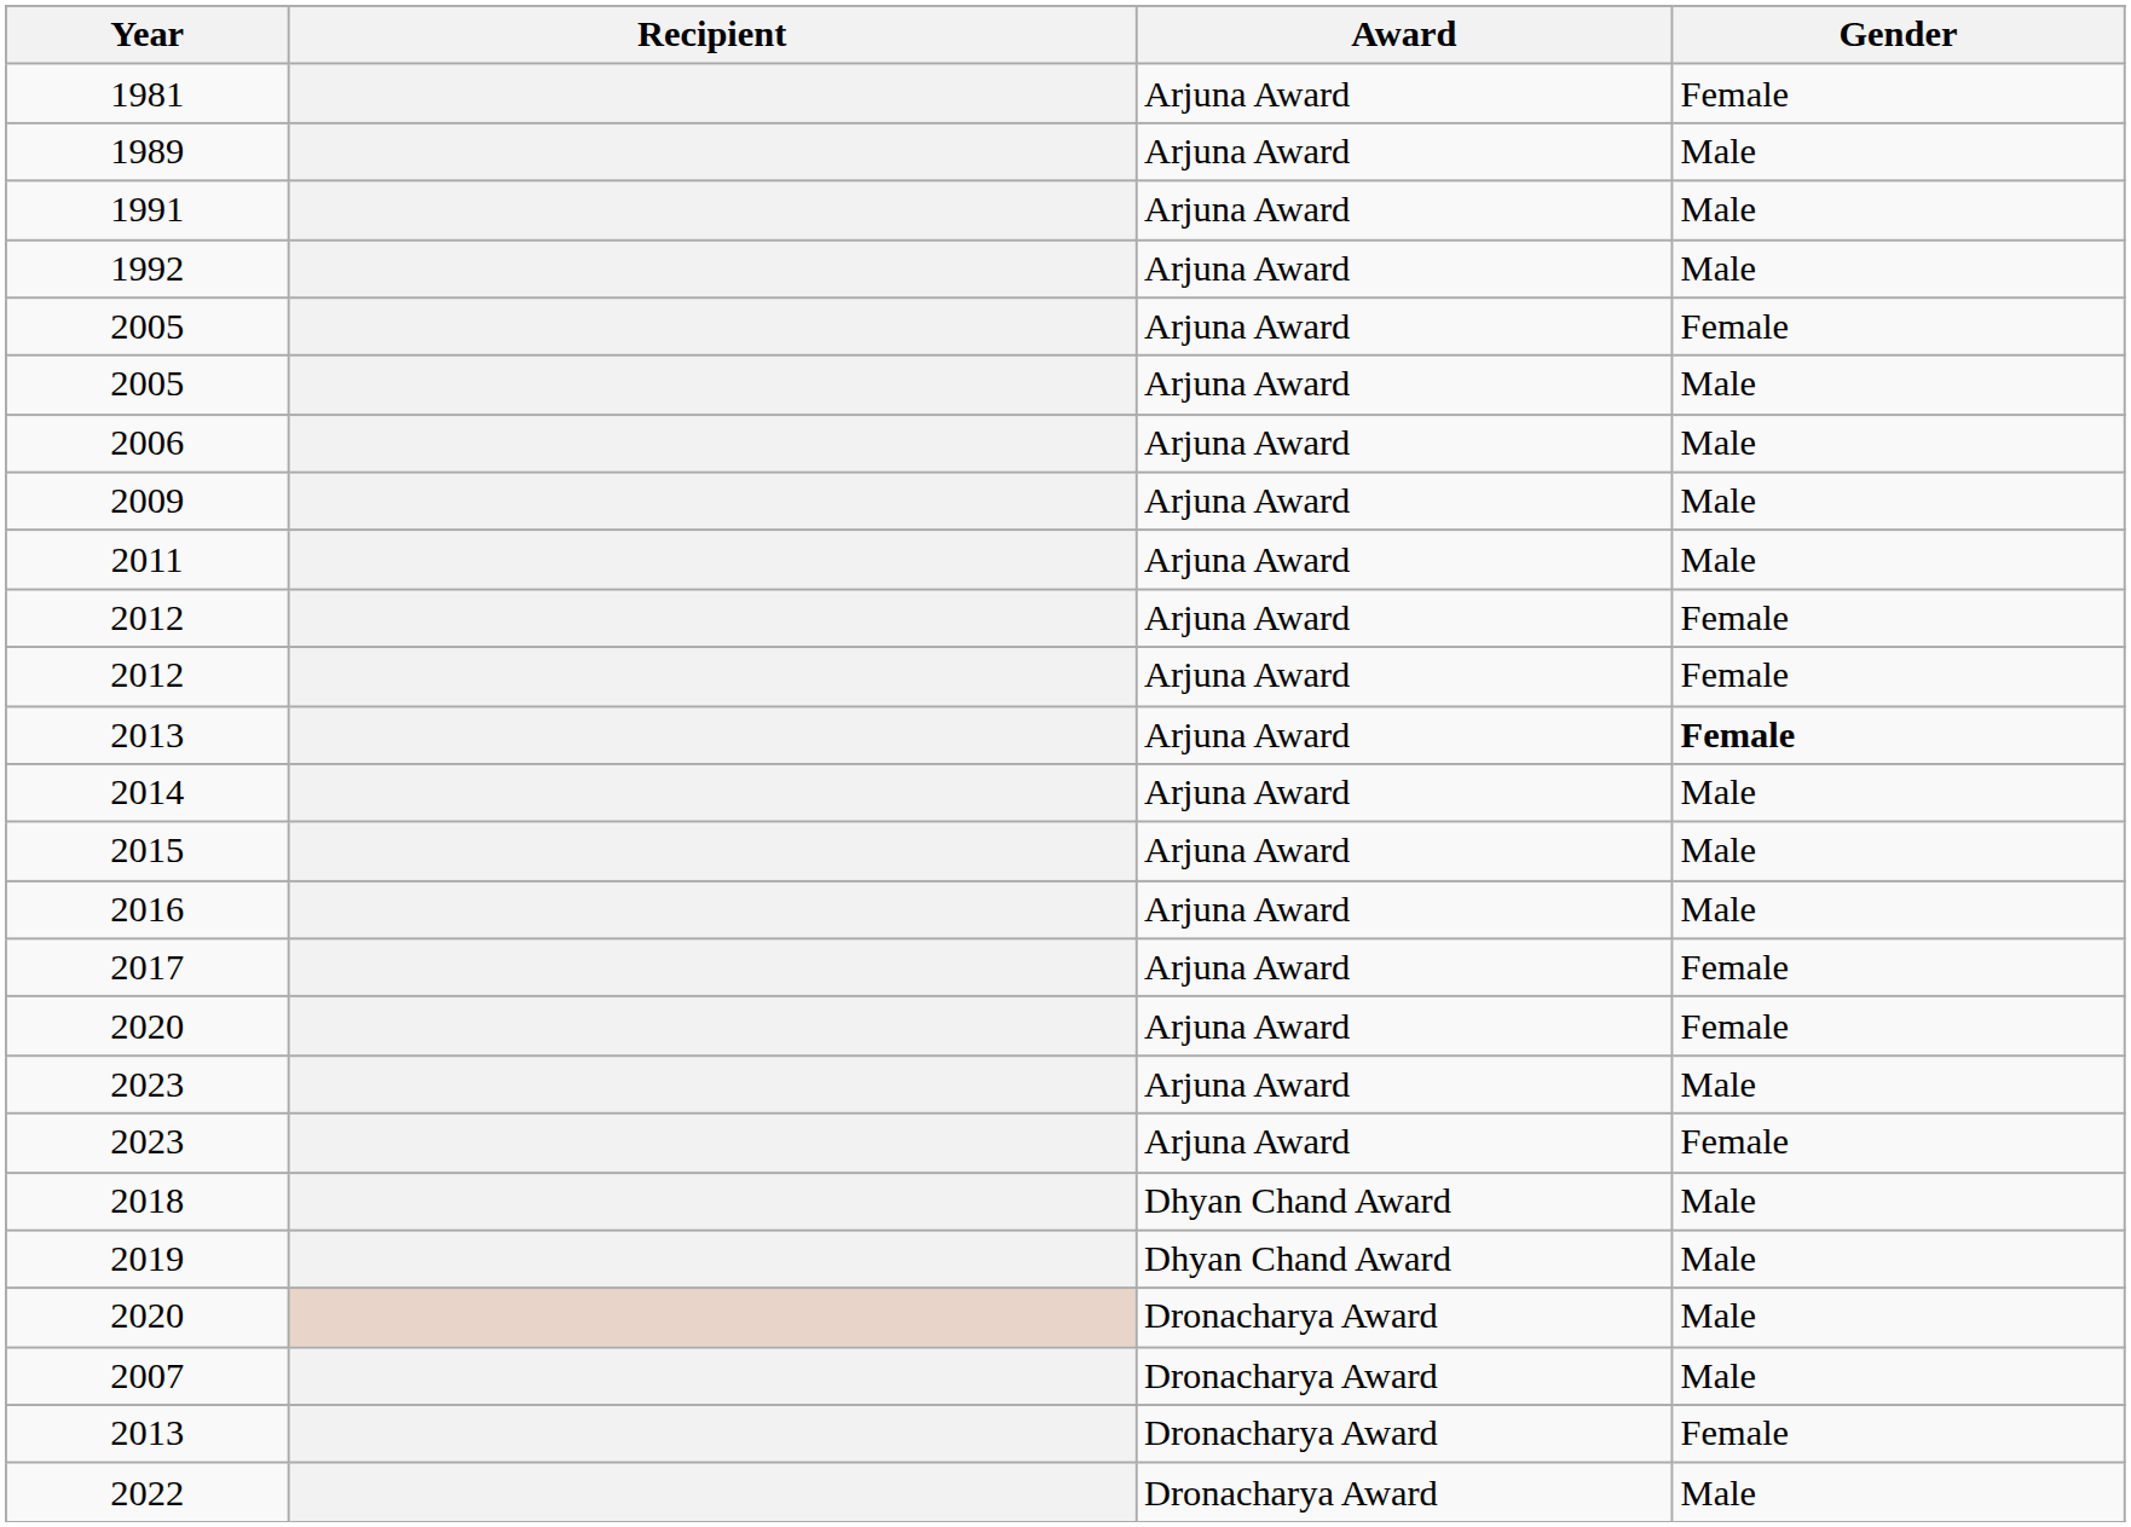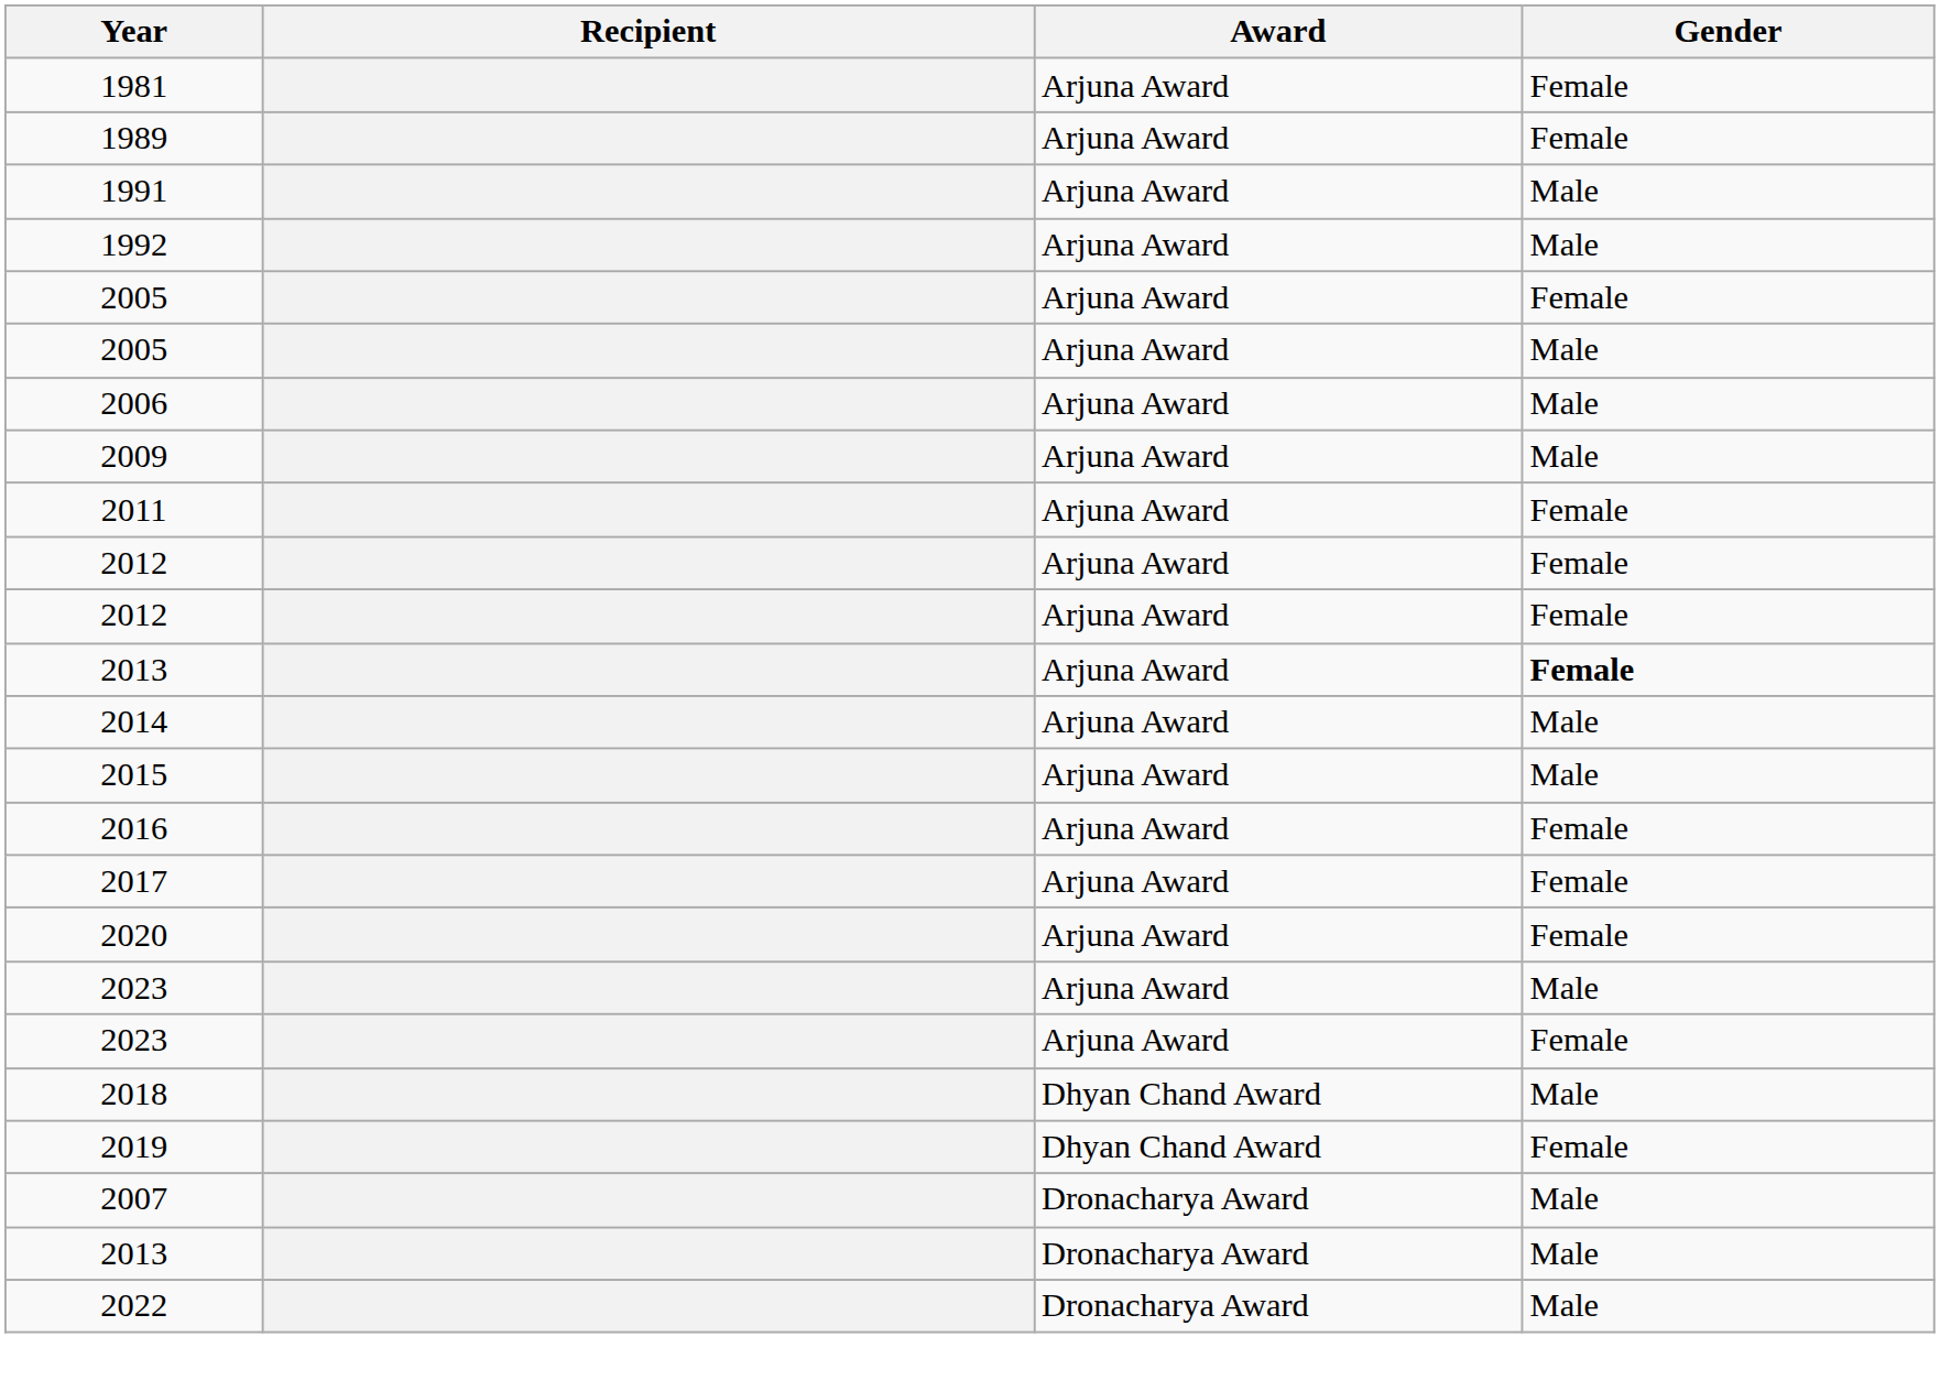 <table class="wikitable plainrowheaders sortable" style="width:73%">
 <tr>
 <th scope="col" style="width:10%">Year</th>
 <th scope="col" style="width:30%">Recipient</th>
 <th scope="col" style="width:19%">Award</th>
 <th scope="col" style="width:16%">Gender</th>
 </tr>
 <tr>
 <td style="text-align:center;">1981</td>
 <th scope="row"></th>
 <td>Arjuna Award</td>
 <td>Female</td>
 </tr>
 <tr>
 <td style="text-align:center;">1989</td>
 <th scope="row"></th>
 <td>Arjuna Award</td>
-<td>Male</td>
+<td>Female</td>
 </tr>
 <tr>
 <td style="text-align:center;">1991</td>
 <th scope="row"></th>
 <td>Arjuna Award</td>
 <td>Male</td>
 </tr>
 <tr>
 <td style="text-align:center;">1992</td>
 <th scope="row"></th>
 <td>Arjuna Award</td>
 <td>Male</td>
 </tr>
 <tr>
 <td style="text-align:center;">2005</td>
 <th scope="row"></th>
 <td>Arjuna Award</td>
 <td>Female</td>
 </tr>
 <tr>
 <td style="text-align:center;">2005</td>
 <th scope="row"></th>
 <td>Arjuna Award</td>
 <td>Male</td>
 </tr>
 <tr>
 <td style="text-align:center;">2006</td>
 <th scope="row"></th>
 <td>Arjuna Award</td>
 <td>Male</td>
 </tr>
 <tr>
 <td style="text-align:center;">2009</td>
 <th scope="row"></th>
 <td>Arjuna Award</td>
 <td>Male</td>
 </tr>
 <tr>
 <td style="text-align:center;">2011</td>
 <th scope="row"></th>
 <td>Arjuna Award</td>
-<td>Male</td>
+<td>Female</td>
 </tr>
 <tr>
 <td style="text-align:center;">2012</td>
 <th scope="row"></th>
 <td>Arjuna Award</td>
 <td>Female</td>
 </tr>
 <tr>
 <td style="text-align:center;">2012</td>
 <th scope="row"></th>
 <td>Arjuna Award</td>
 <td>Female</td>
 </tr>
 <tr>
 <td style="text-align:center;">2013</td>
 <th scope="row"></th>
 <td>Arjuna Award</td>
 <td><strong>Female</strong></td>
 </tr>
 <tr>
 <td style="text-align:center;">2014</td>
 <th scope="row"></th>
 <td>Arjuna Award</td>
 <td>Male</td>
 </tr>
 <tr>
 <td style="text-align:center;">2015</td>
 <th scope="row"></th>
 <td>Arjuna Award</td>
 <td>Male</td>
 </tr>
 <tr>
 <td style="text-align:center;">2016</td>
 <th scope="row"></th>
 <td>Arjuna Award</td>
-<td>Male</td>
+<td>Female</td>
 </tr>
 <tr>
 <td style="text-align:center;">2017</td>
 <th scope="row"></th>
 <td>Arjuna Award</td>
 <td>Female</td>
 </tr>
 <tr>
 <td style="text-align:center;">2020</td>
 <th scope="row"></th>
 <td>Arjuna Award</td>
 <td>Female</td>
 </tr>
 <tr>
 <td style="text-align:center;">2023</td>
 <th scope="row"></th>
 <td>Arjuna Award</td>
 <td>Male</td>
 </tr>
 <tr>
 <td style="text-align:center;">2023</td>
 <th scope="row"></th>
 <td>Arjuna Award</td>
 <td>Female</td>
 </tr>
 <tr>
 <td style="text-align:center;">2018</td>
 <th scope="row"></th>
 <td>Dhyan Chand Award</td>
 <td>Male</td>
 </tr>
 <tr>
 <td style="text-align:center;">2019</td>
 <th scope="row"></th>
 <td>Dhyan Chand Award</td>
-<td>Male</td>
-</tr>
-<tr>
-<td style="text-align:center;">2020</td>
-<th scope="row" style="background-color:#E9D4C9"> </th>
-<td>Dronacharya Award</td>
-<td>Male</td>
+<td>Female</td>
 </tr>
 <tr>
 <td style="text-align:center;">2007</td>
 <th scope="row"></th>
 <td>Dronacharya Award</td>
 <td>Male</td>
 </tr>
 <tr>
 <td style="text-align:center;">2013</td>
 <th scope="row"></th>
 <td>Dronacharya Award</td>
-<td>Female</td>
+<td>Male</td>
 </tr>
 <tr>
 <td style="text-align:center;">2022</td>
 <th scope="row"></th>
 <td>Dronacharya Award</td>
 <td>Male</td>
 </tr>
 </table>
